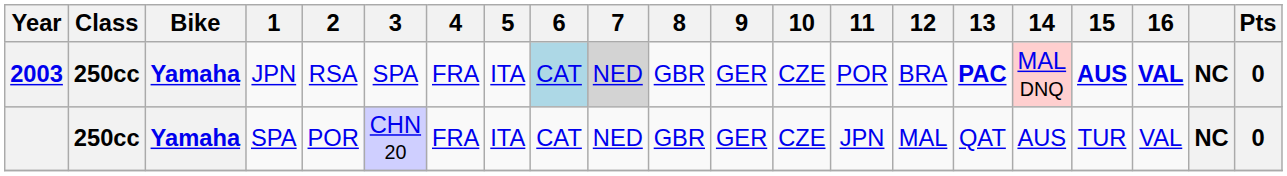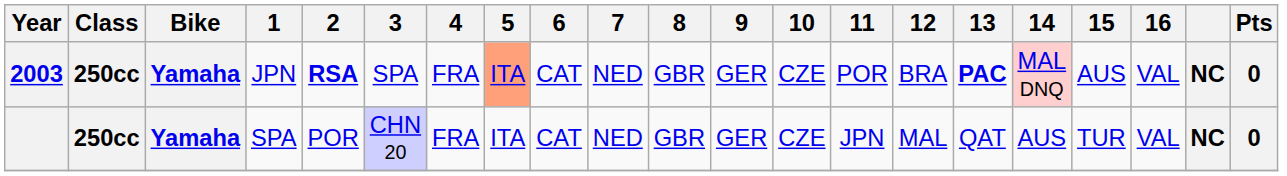 <table class="wikitable" style="text-align:center">
 <tr>
 <th>Year</th>
 <th>Class</th>
 <th>Bike</th>
 <th>1</th>
 <th>2</th>
 <th>3</th>
 <th>4</th>
 <th>5</th>
 <th>6</th>
 <th>7</th>
 <th>8</th>
 <th>9</th>
 <th>10</th>
 <th>11</th>
 <th>12</th>
 <th>13</th>
 <th>14</th>
 <th>15</th>
 <th>16</th>
 <th></th>
 <th>Pts</th>
 </tr>
 <tr>
 <th align="left"><a href='#'>2003</a></th>
 <th align="left">250cc</th>
 <th align="left"><a href='#'>Yamaha</a></th>
 <td><a href='#'>JPN</a></td>
-<td><a href='#'>RSA</a></td>
+<td><strong><a href='#'>RSA</a></strong></td>
 <td><a href='#'>SPA</a></td>
 <td><a href='#'>FRA</a></td>
-<td><a href='#'>ITA</a></td>
-<td style="background: lightblue;"><a href='#'>CAT</a></td>
-<td style="background: lightgrey;"><a href='#'>NED</a></td>
+<td style="background: lightsalmon;"><a href='#'>ITA</a></td>
+<td><a href='#'>CAT</a></td>
+<td><a href='#'>NED</a></td>
 <td><a href='#'>GBR</a></td>
 <td><a href='#'>GER</a></td>
 <td><a href='#'>CZE</a></td>
 <td><a href='#'>POR</a></td>
 <td><a href='#'>BRA</a></td>
 <td><strong><a href='#'>PAC</a></strong></td>
 <td style="background:#ffcfcf;"><a href='#'>MAL</a><br><small>DNQ</small></td>
-<td><strong><a href='#'>AUS</a></strong></td>
-<td><strong><a href='#'>VAL</a></strong></td>
+<td><a href='#'>AUS</a></td>
+<td><a href='#'>VAL</a></td>
 <th>NC</th>
 <th>0</th>
 </tr>
 <tr>
 <th align="left"></th>
 <th align="left">250cc</th>
 <th align="left"><a href='#'>Yamaha</a></th>
 <td><a href='#'>SPA</a></td>
 <td><a href='#'>POR</a></td>
 <td style="background:#cfcfff;"><a href='#'>CHN</a><br><small>20</small></td>
 <td><a href='#'>FRA</a></td>
 <td><a href='#'>ITA</a></td>
 <td><a href='#'>CAT</a></td>
 <td><a href='#'>NED</a></td>
 <td><a href='#'>GBR</a></td>
 <td><a href='#'>GER</a></td>
 <td><a href='#'>CZE</a></td>
 <td><a href='#'>JPN</a></td>
 <td><a href='#'>MAL</a></td>
 <td><a href='#'>QAT</a></td>
 <td><a href='#'>AUS</a></td>
 <td><a href='#'>TUR</a></td>
 <td><a href='#'>VAL</a></td>
 <th>NC</th>
 <th>0</th>
 </tr>
 <tr>
 </tr>
 </table>
